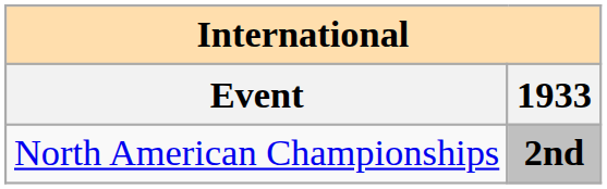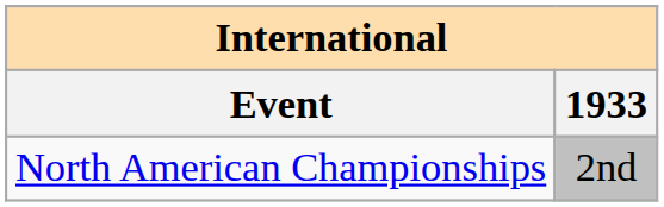 <table class="wikitable" style="text-align:center">
 <tr>
 <th style="background-color: #ffdead; " colspan=2 align=center><strong>International</strong></th>
 </tr>
 <tr>
 <th>Event</th>
 <th>1933</th>
 </tr>
 <tr>
 <td align=left><a href='#'>North American Championships</a></td>
-<td bgcolor=silver><strong>2nd</strong></td>
+<td bgcolor=silver>2nd</td>
 </tr>
 </table>
